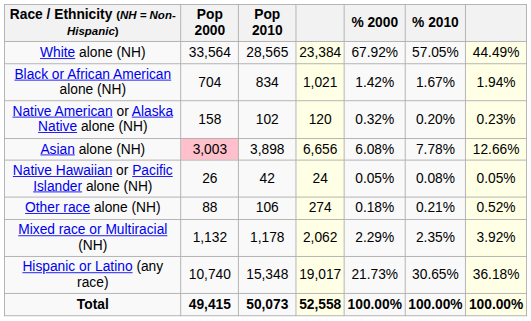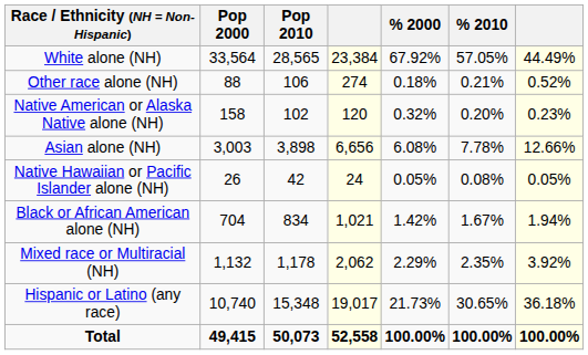 <table class="wikitable" style="text-align:center;">
 <tr>
 <th>Race / Ethnicity <small>(<em>NH = Non-Hispanic</em>)</small></th>
 <th>Pop 2000</th>
 <th>Pop 2010</th>
 <th></th>
 <th>% 2000</th>
 <th>% 2010</th>
 <th></th>
 </tr>
 <tr>
 <td><a href='#'>White</a> alone (NH)</td>
 <td>33,564</td>
 <td>28,565</td>
 <td style='background: #ffffe6;'>23,384</td>
 <td>67.92%</td>
 <td>57.05%</td>
 <td style='background: #ffffe6;'>44.49%</td>
 </tr>
 <tr>
-<td><a href='#'>Black or African American</a> alone (NH)</td>
-<td>704</td>
-<td>834</td>
-<td style='background: #ffffe6;'>1,021</td>
-<td>1.42%</td>
-<td>1.67%</td>
-<td style='background: #ffffe6;'>1.94%</td>
+<td><a href='#'>Other race</a> alone (NH)</td>
+<td>88</td>
+<td>106</td>
+<td style='background: #ffffe6;'>274</td>
+<td>0.18%</td>
+<td>0.21%</td>
+<td style='background: #ffffe6;'>0.52%</td>
 </tr>
 <tr>
 <td><a href='#'>Native American</a> or <a href='#'>Alaska Native</a> alone (NH)</td>
 <td>158</td>
 <td>102</td>
 <td style='background: #ffffe6;'>120</td>
 <td>0.32%</td>
 <td>0.20%</td>
 <td style='background: #ffffe6;'>0.23%</td>
 </tr>
 <tr>
 <td><a href='#'>Asian</a> alone (NH)</td>
-<td style="background: pink;">3,003</td>
+<td>3,003</td>
 <td>3,898</td>
 <td style='background: #ffffe6;'>6,656</td>
 <td>6.08%</td>
 <td>7.78%</td>
 <td style='background: #ffffe6;'>12.66%</td>
 </tr>
 <tr>
 <td><a href='#'>Native Hawaiian</a> or <a href='#'>Pacific Islander</a> alone (NH)</td>
 <td>26</td>
 <td>42</td>
 <td style='background: #ffffe6;'>24</td>
 <td>0.05%</td>
 <td>0.08%</td>
 <td style='background: #ffffe6;'>0.05%</td>
 </tr>
 <tr>
-<td><a href='#'>Other race</a> alone (NH)</td>
-<td>88</td>
-<td>106</td>
-<td style='background: #ffffe6;'>274</td>
-<td>0.18%</td>
-<td>0.21%</td>
-<td style='background: #ffffe6;'>0.52%</td>
+<td><a href='#'>Black or African American</a> alone (NH)</td>
+<td>704</td>
+<td>834</td>
+<td style='background: #ffffe6;'>1,021</td>
+<td>1.42%</td>
+<td>1.67%</td>
+<td style='background: #ffffe6;'>1.94%</td>
 </tr>
 <tr>
 <td><a href='#'>Mixed race or Multiracial</a> (NH)</td>
 <td>1,132</td>
 <td>1,178</td>
 <td style='background: #ffffe6;'>2,062</td>
 <td>2.29%</td>
 <td>2.35%</td>
 <td style='background: #ffffe6;'>3.92%</td>
 </tr>
 <tr>
 <td><a href='#'>Hispanic or Latino</a> (any race)</td>
 <td>10,740</td>
 <td>15,348</td>
 <td style='background: #ffffe6;'>19,017</td>
 <td>21.73%</td>
 <td>30.65%</td>
 <td style='background: #ffffe6;'>36.18%</td>
 </tr>
 <tr>
 <td><strong>Total</strong></td>
 <td><strong>49,415 </strong></td>
 <td><strong>50,073</strong></td>
 <td style='background: #ffffe6;'><strong>52,558</strong></td>
 <td><strong>100.00%</strong></td>
 <td><strong>100.00%</strong></td>
 <td style='background: #ffffe6;'><strong>100.00%</strong></td>
 </tr>
 </table>
